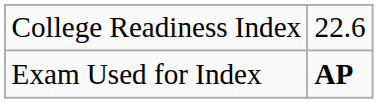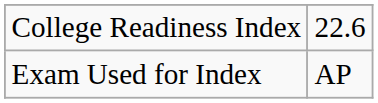 <table class="wikitable">
 <tr>
 <td>College Readiness Index</td>
 <td>22.6</td>
 </tr>
 <tr>
 <td>Exam Used for Index</td>
-<td><strong>AP</strong></td>
+<td>AP</td>
 </tr>
 </table>
